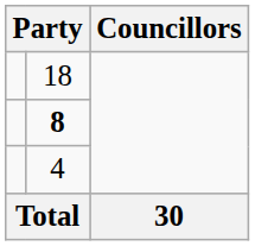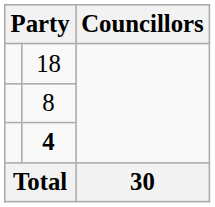 <table class="wikitable">
 <tr>
 <th colspan=2>Party</th>
 <th>Councillors</th>
 </tr>
 <tr>
 <td></td>
 <td align=center>18</td>
 </tr>
 <tr>
 <td></td>
-<td align=center><strong>8</strong></td>
+<td align=center>8</td>
 </tr>
 <tr>
 <td></td>
-<td align=center>4</td>
+<td align=center><strong>4</strong></td>
 </tr>
 <tr>
 <th colspan=2>Total</th>
 <th align=center>30</th>
 </tr>
 </table>
